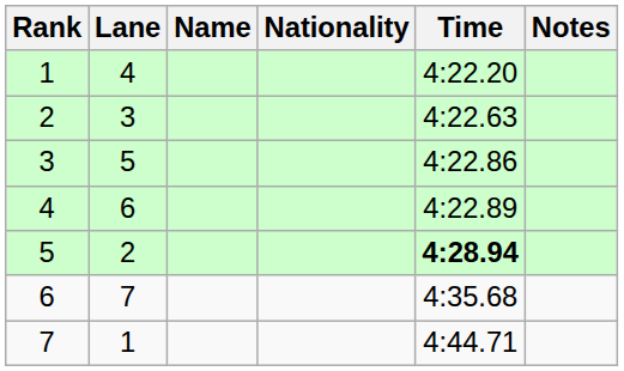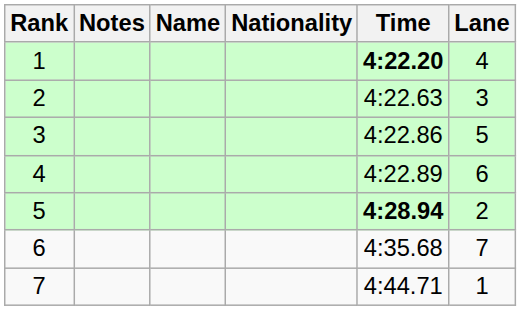 <table class="wikitable sortable" style="text-align:center">
 <tr>
 <th>Rank</th>
-<th>Lane</th>
+<th>Notes</th>
 <th>Name</th>
 <th>Nationality</th>
 <th>Time</th>
-<th>Notes</th>
+<th>Lane</th>
 </tr>
 <tr bgcolor=ccffcc>
 <td>1</td>
-<td>4</td>
+<td><strong></strong></td>
 <td align=left></td>
 <td align=left></td>
-<td>4:22.20</td>
-<td><strong></strong></td>
+<td><strong>4:22.20</strong></td>
+<td>4</td>
 </tr>
 <tr bgcolor=ccffcc>
 <td>2</td>
-<td>3</td>
+<td><strong></strong></td>
 <td align=left></td>
 <td align=left></td>
 <td>4:22.63</td>
-<td><strong></strong></td>
+<td>3</td>
 </tr>
 <tr bgcolor=ccffcc>
 <td>3</td>
-<td>5</td>
+<td><strong></strong></td>
 <td align=left></td>
 <td align=left></td>
 <td>4:22.86</td>
-<td><strong></strong></td>
+<td>5</td>
 </tr>
 <tr bgcolor=ccffcc>
 <td>4</td>
-<td>6</td>
+<td><strong></strong></td>
 <td align=left></td>
 <td align=left></td>
 <td>4:22.89</td>
-<td><strong></strong></td>
+<td>6</td>
 </tr>
 <tr bgcolor=ccffcc>
 <td>5</td>
-<td>2</td>
+<td><strong></strong></td>
 <td align=left></td>
 <td align=left></td>
 <td><strong>4:28.94</strong></td>
-<td><strong></strong></td>
+<td>2</td>
 </tr>
 <tr>
 <td>6</td>
-<td>7</td>
+<td></td>
 <td align=left></td>
 <td align=left></td>
 <td>4:35.68</td>
-<td></td>
+<td>7</td>
 </tr>
 <tr>
 <td>7</td>
-<td>1</td>
+<td></td>
 <td align=left></td>
 <td align=left></td>
 <td>4:44.71</td>
-<td></td>
+<td>1</td>
 </tr>
 </table>
